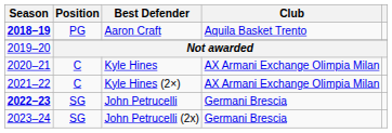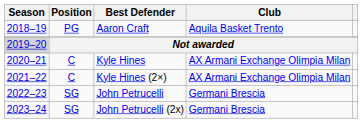 <table class="wikitable sortable">
 <tr>
 <th>Season</th>
 <th>Position</th>
 <th>Best Defender</th>
 <th>Club</th>
 <th class=unsortable></th>
 </tr>
 <tr>
-<td style="text-align:center;"><strong><a href='#'>2018–19</a></strong></td>
+<td style="text-align:center;"><a href='#'>2018–19</a></td>
 <td style="text-align:center;"><a href='#'>PG</a></td>
 <td> <a href='#'>Aaron Craft</a></td>
 <td> <a href='#'>Aquila Basket Trento</a></td>
 <td style="text-align:center;"></td>
 </tr>
 <tr>
 </tr>
 <tr style="text-align:center;">
-<td><a href='#'>2019–20</a></td>
+<td style="background: lightgrey;"><a href='#'>2019–20</a></td>
 <th colspan=4><em>Not awarded</em></th>
 </tr>
 <tr>
 <td style="text-align:center;"><a href='#'>2020–21</a></td>
 <td style="text-align:center;"><a href='#'>C</a></td>
 <td> <a href='#'>Kyle Hines</a></td>
 <td> <a href='#'>AX Armani Exchange Olimpia Milan</a></td>
 <td style="text-align:center;"></td>
 </tr>
 <tr>
 <td style="text-align:center;"><a href='#'>2021–22</a></td>
 <td style="text-align:center;"><a href='#'>C</a></td>
 <td> <a href='#'>Kyle Hines</a> (2×)</td>
 <td> <a href='#'>AX Armani Exchange Olimpia Milan</a></td>
 <td style="text-align:center;"></td>
 </tr>
 <tr>
-<td style="text-align:center;"><strong><a href='#'>2022–23</a></strong></td>
+<td style="text-align:center;"><a href='#'>2022–23</a></td>
 <td style="text-align:center;"><a href='#'>SG</a></td>
 <td> <a href='#'>John Petrucelli</a></td>
 <td> <a href='#'>Germani Brescia</a></td>
 <td style="text-align:center;"></td>
 </tr>
 <tr>
 <td style="text-align:center;"><a href='#'>2023–24</a></td>
 <td style="text-align:center;"><a href='#'>SG</a></td>
 <td> <a href='#'>John Petrucelli</a> (2x)</td>
 <td> <a href='#'>Germani Brescia</a></td>
 <td style="text-align:center;"></td>
 </tr>
 </table>
